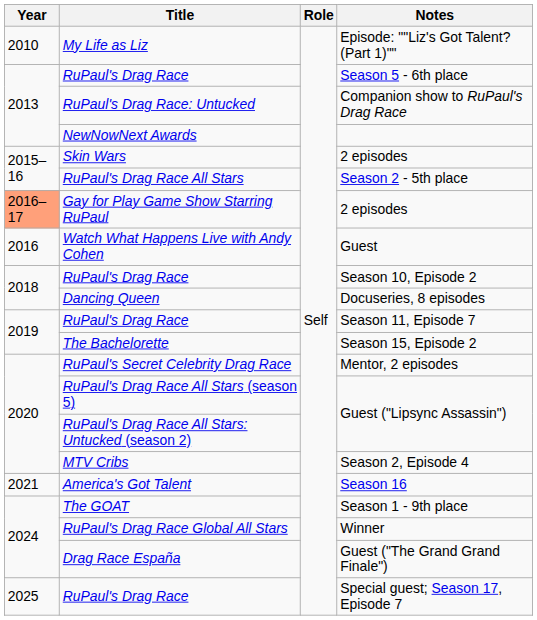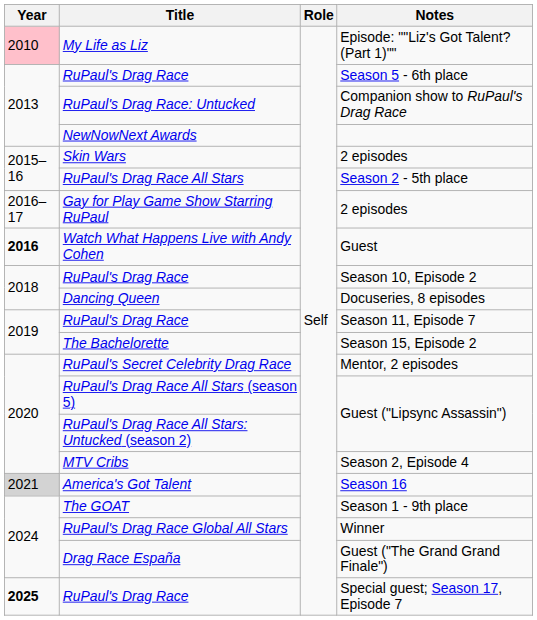 <table class="wikitable sortable">
 <tr>
 <th>Year</th>
 <th>Title</th>
 <th>Role</th>
 <th class="unsortable">Notes</th>
 </tr>
 <tr>
-<td>2010</td>
+<td style="background: pink;">2010</td>
 <td><em><a href='#'>My Life as Liz</a></em></td>
 <td rowspan="21">Self</td>
 <td>Episode: ""Liz's Got Talent? (Part 1)""</td>
 </tr>
 <tr>
 <td rowspan=3>2013</td>
 <td><em><a href='#'>RuPaul's Drag Race</a></em></td>
 <td><a href='#'>Season 5</a> - 6th place</td>
 </tr>
 <tr>
 <td><em><a href='#'>RuPaul's Drag Race: Untucked</a></em></td>
 <td>Companion show to <em>RuPaul's Drag Race</em></td>
 </tr>
 <tr>
 <td><em><a href='#'>NewNowNext Awards</a></em></td>
 <td></td>
 </tr>
 <tr>
 <td rowspan=2>2015–16</td>
 <td><em><a href='#'>Skin Wars</a></em></td>
 <td>2 episodes</td>
 </tr>
 <tr>
 <td><em><a href='#'>RuPaul's Drag Race All Stars</a></em></td>
 <td><a href='#'>Season 2</a> - 5th place</td>
 </tr>
 <tr>
-<td style="background: lightsalmon;">2016–17</td>
+<td>2016–17</td>
 <td><em><a href='#'>Gay for Play Game Show Starring RuPaul</a></em></td>
 <td>2 episodes</td>
 </tr>
 <tr>
-<td>2016</td>
+<td><strong>2016</strong></td>
 <td><em><a href='#'>Watch What Happens Live with Andy Cohen</a></em></td>
 <td>Guest</td>
 </tr>
 <tr>
 <td rowspan=2>2018</td>
 <td><em><a href='#'>RuPaul's Drag Race</a></em></td>
 <td>Season 10, Episode 2</td>
 </tr>
 <tr>
 <td><em><a href='#'>Dancing Queen</a></em></td>
 <td>Docuseries, 8 episodes</td>
 </tr>
 <tr>
 <td rowspan=2>2019</td>
 <td><em><a href='#'>RuPaul's Drag Race</a></em></td>
 <td>Season 11, Episode 7</td>
 </tr>
 <tr>
 <td><em><a href='#'>The Bachelorette</a></em></td>
 <td>Season 15, Episode 2</td>
 </tr>
 <tr>
 <td rowspan="4">2020</td>
 <td><em><a href='#'>RuPaul's Secret Celebrity Drag Race</a></em></td>
 <td>Mentor, 2 episodes</td>
 </tr>
 <tr>
 <td><a href='#'><em>RuPaul's Drag Race All Stars</em> (season 5)</a></td>
 <td rowspan="2">Guest ("Lipsync Assassin")</td>
 </tr>
 <tr>
 <td scope="row"><a href='#'><em>RuPaul's Drag Race All Stars: Untucked</em> (season 2)</a></td>
 </tr>
 <tr>
 <td><em><a href='#'>MTV Cribs</a></em></td>
 <td>Season 2, Episode 4</td>
 </tr>
 <tr>
-<td>2021</td>
+<td style="background: lightgrey;">2021</td>
 <td><em><a href='#'>America's Got Talent</a></em></td>
 <td><a href='#'>Season 16</a></td>
 </tr>
 <tr>
 <td rowspan="3">2024</td>
 <td><em><a href='#'>The GOAT</a></em></td>
 <td>Season 1 - 9th place</td>
 </tr>
 <tr>
 <td><em><a href='#'>RuPaul's Drag Race Global All Stars</a></em></td>
 <td>Winner</td>
 </tr>
 <tr>
 <td><em><a href='#'>Drag Race España</a></em></td>
 <td>Guest ("The Grand Grand Finale")</td>
 </tr>
 <tr>
-<td>2025</td>
+<td><strong>2025</strong></td>
 <td><em><a href='#'>RuPaul's Drag Race</a></em></td>
 <td>Special guest; <a href='#'>Season 17</a>, Episode 7</td>
 </tr>
 </table>
